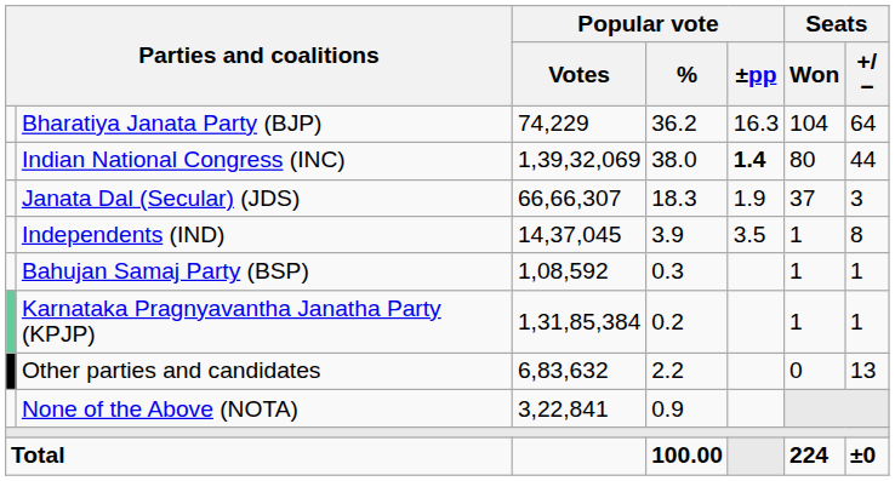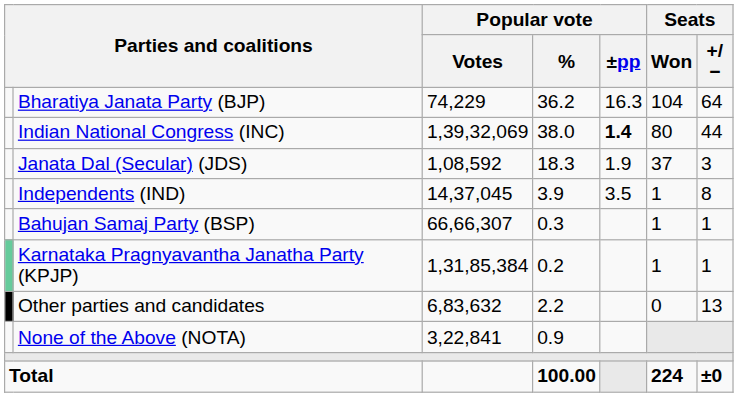 <table class="wikitable">
 <tr>
 <th colspan="2" rowspan="2">Parties and coalitions</th>
 <th colspan="3">Popular vote</th>
 <th colspan="2">Seats</th>
 </tr>
 <tr>
 <th>Votes</th>
 <th>%</th>
 <th>±<a href='#'>pp</a></th>
 <th>Won</th>
 <th><strong>+/−</strong></th>
 </tr>
 <tr>
 <td></td>
 <td><a href='#'>Bharatiya Janata Party</a> (BJP)</td>
 <td>74,229</td>
 <td>36.2</td>
 <td>16.3</td>
 <td>104</td>
 <td>64</td>
 </tr>
 <tr>
 <td></td>
 <td><a href='#'>Indian National Congress</a> (INC)</td>
 <td>1,39,32,069</td>
 <td>38.0</td>
 <td><strong>1.4</strong></td>
 <td>80</td>
 <td>44</td>
 </tr>
 <tr>
 <td></td>
 <td><a href='#'>Janata Dal (Secular)</a> (JDS)</td>
-<td>66,66,307</td>
+<td>1,08,592</td>
 <td>18.3</td>
 <td>1.9</td>
 <td>37</td>
 <td>3</td>
 </tr>
 <tr>
 <td></td>
 <td><a href='#'>Independents</a> (IND)</td>
 <td>14,37,045</td>
 <td>3.9</td>
 <td> 3.5</td>
 <td>1</td>
 <td>8</td>
 </tr>
 <tr>
 <td></td>
 <td><a href='#'>Bahujan Samaj Party</a> (BSP)</td>
-<td>1,08,592</td>
+<td>66,66,307</td>
 <td>0.3</td>
 <td></td>
 <td>1</td>
 <td>1</td>
 </tr>
 <tr>
 <td style="background:#65cb9b;"></td>
 <td><a href='#'>Karnataka Pragnyavantha Janatha Party</a> (KPJP)</td>
 <td>1,31,85,384</td>
 <td>0.2</td>
 <td></td>
 <td>1</td>
 <td>1</td>
 </tr>
 <tr>
 <td style="background:black;"></td>
 <td>Other parties and candidates</td>
 <td>6,83,632</td>
 <td>2.2</td>
 <td></td>
 <td>0</td>
 <td>13</td>
 </tr>
 <tr>
 <td></td>
 <td><a href='#'>None of the Above</a> (NOTA)</td>
 <td>3,22,841</td>
 <td>0.9</td>
 <td></td>
 <td colspan="2" style="background:#e9e9e9;"></td>
 </tr>
 <tr>
 <td colspan="7" style="background:#e9e9e9;"></td>
 </tr>
 <tr style="font-weight:bold;">
 <td colspan="2" style="text-align:left;">Total</td>
 <td></td>
 <td>100.00</td>
 <td style="background:#e9e9e9;"></td>
 <td>224</td>
 <td>±0</td>
 </tr>
 </table>
